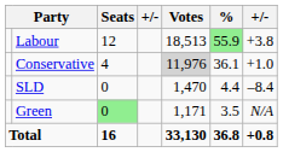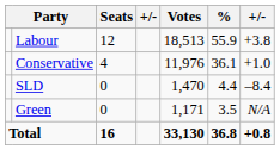 <table class="wikitable sortable">
 <tr>
 <th colspan="2">Party</th>
 <th>Seats</th>
 <th>+/-</th>
 <th>Votes</th>
 <th>%</th>
 <th>+/-</th>
 </tr>
 <tr>
 <td style="background-color: "></td>
 <td><a href='#'>Labour</a></td>
 <td>12</td>
 <td></td>
 <td style="text-align:right;">18,513</td>
-<td style="background: lightgreen; text-align:right;">55.9</td>
+<td style="text-align:right;">55.9</td>
 <td style="text-align:right;">+3.8</td>
 </tr>
 <tr>
 <td style="background-color: "></td>
 <td><a href='#'>Conservative</a></td>
 <td>4</td>
 <td></td>
-<td style="background: lightgrey; text-align:right;">11,976</td>
+<td style="text-align:right;">11,976</td>
 <td style="text-align:right;">36.1</td>
 <td style="text-align:right;">+1.0</td>
 </tr>
 <tr>
 <td style="background-color: "></td>
 <td><a href='#'>SLD</a></td>
 <td>0</td>
 <td></td>
 <td style="text-align:right;">1,470</td>
 <td style="text-align:right;">4.4</td>
 <td style="text-align:right;">–8.4</td>
 </tr>
 <tr>
 <td style="background-color: "></td>
 <td><a href='#'>Green</a></td>
-<td style="background: lightgreen;">0</td>
+<td>0</td>
 <td></td>
 <td style="text-align:right;">1,171</td>
 <td style="text-align:right;">3.5</td>
 <td style="text-align:right;"><em>N/A</em></td>
 </tr>
 <tr>
 <td colspan="2"><strong>Total</strong></td>
 <td><strong>16</strong></td>
 <td></td>
 <td style="text-align:right;"><strong>33,130</strong></td>
 <td style="text-align:right;"><strong>36.8</strong></td>
 <td style="text-align:right;"><strong>+0.8</strong></td>
 </tr>
 </table>
